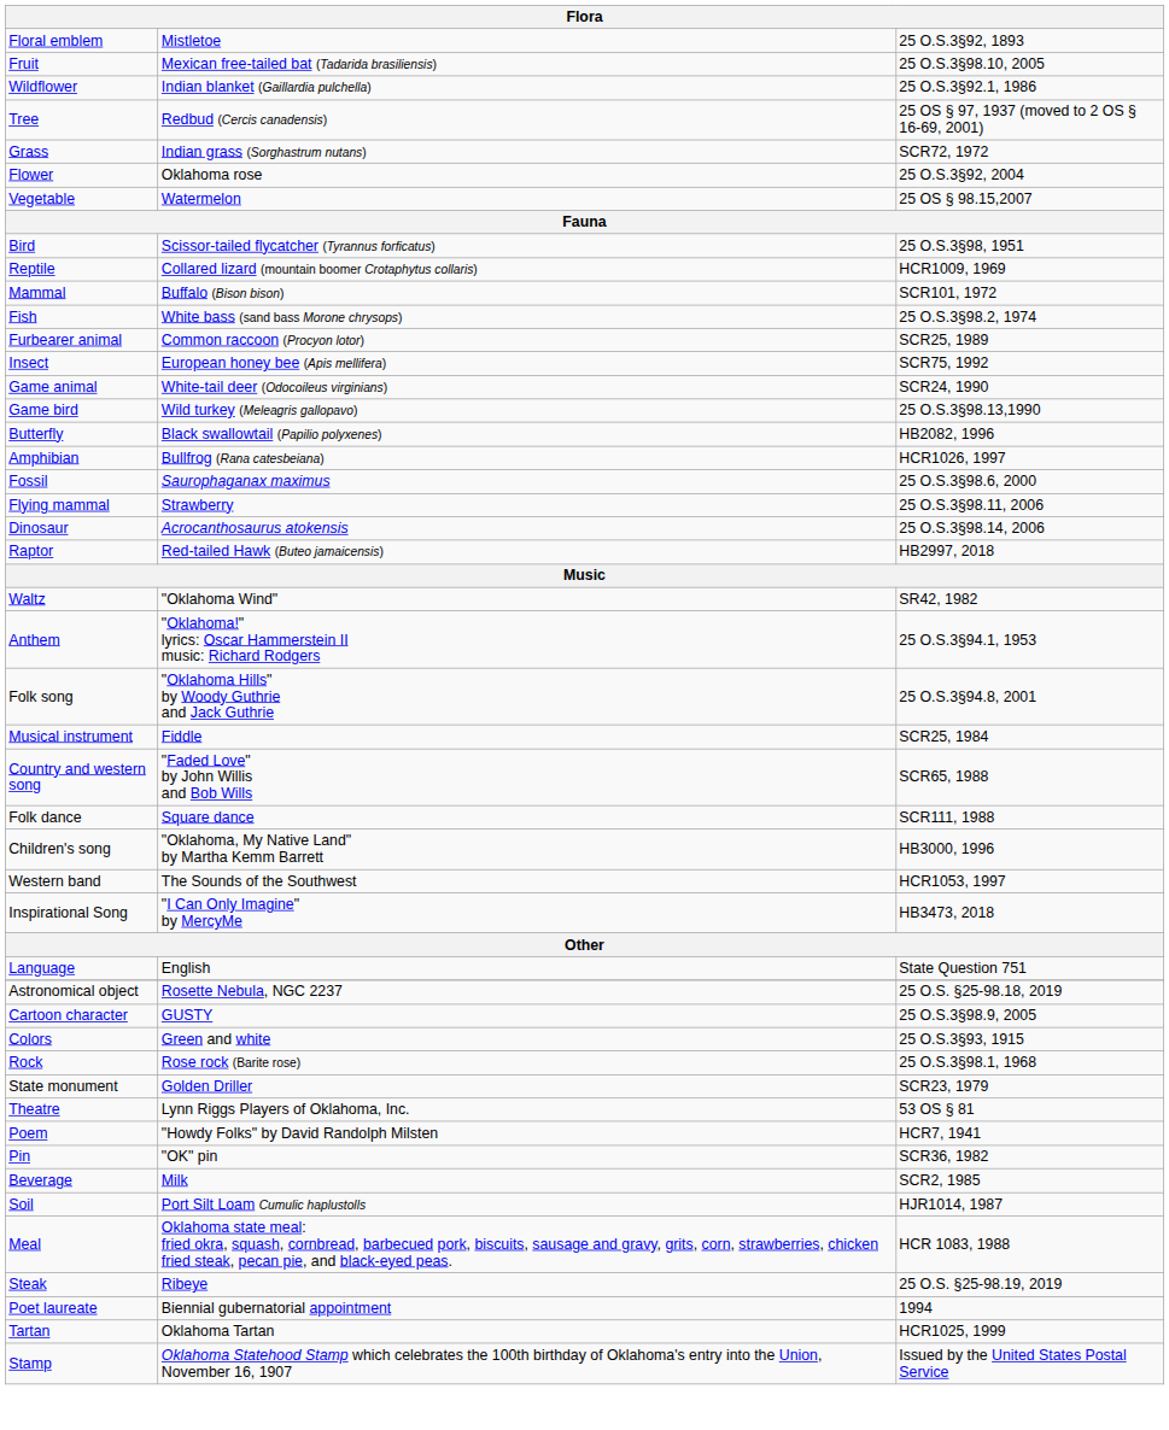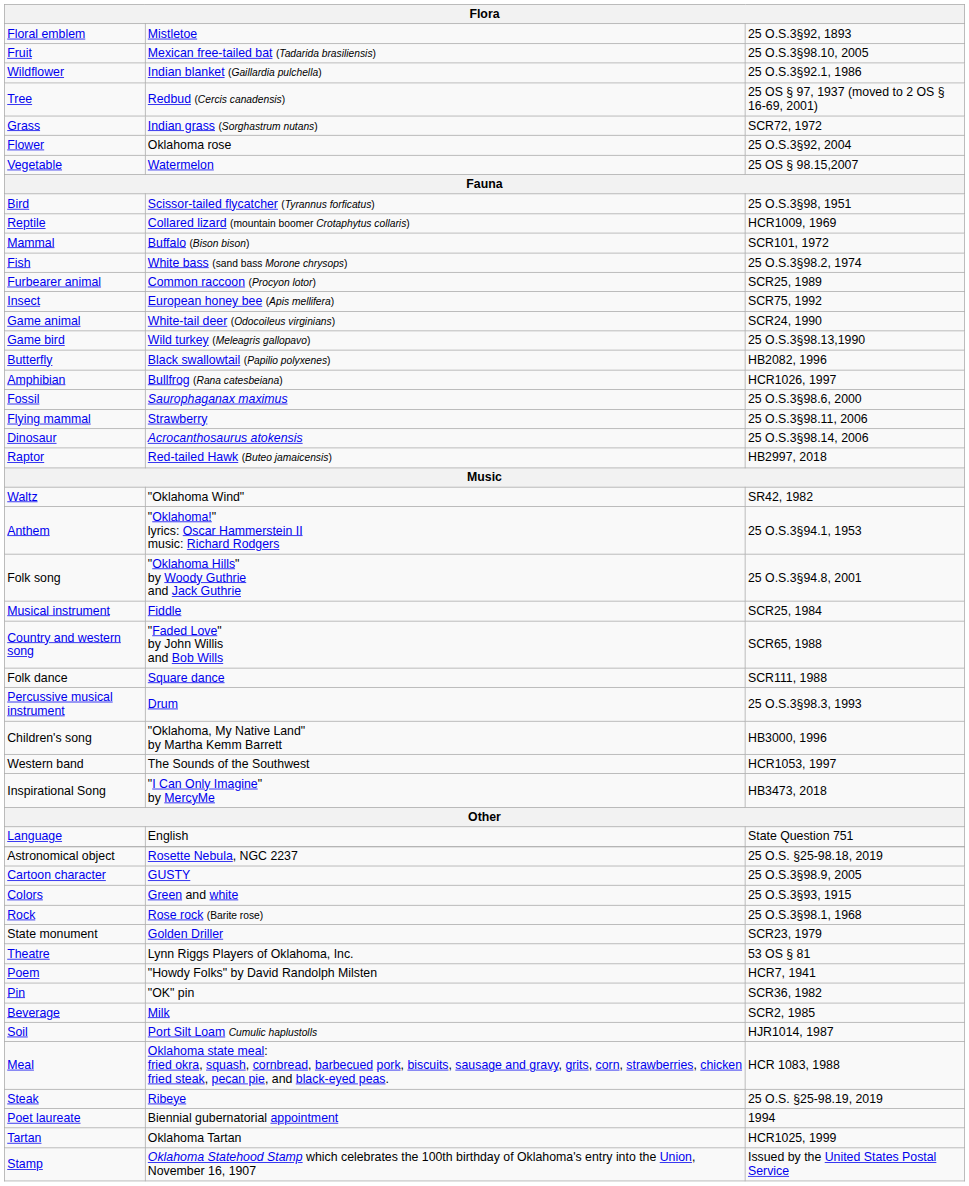 <table class="wikitable" style="text-valign: top;">
 <tr>
 <th colspan=3>Flora</th>
 </tr>
 <tr>
 <td><a href='#'>Floral emblem</a></td>
 <td><a href='#'>Mistletoe</a></td>
 <td>25 O.S.3§92, 1893</td>
 </tr>
 <tr>
 <td><a href='#'>Fruit</a></td>
 <td><a href='#'>Mexican free-tailed bat</a> <small>(<em>Tadarida brasiliensis</em>)</small></td>
 <td>25 O.S.3§98.10, 2005</td>
 </tr>
 <tr>
 <td><a href='#'>Wildflower</a></td>
 <td><a href='#'>Indian blanket</a> <small>(<em>Gaillardia pulchella</em>)</small></td>
 <td>25 O.S.3§92.1, 1986</td>
 </tr>
 <tr>
 <td><a href='#'>Tree</a></td>
 <td><a href='#'>Redbud</a> <small>(<em>Cercis canadensis</em>)</small></td>
 <td>25 OS § 97, 1937 (moved to 2 OS § 16-69, 2001)</td>
 </tr>
 <tr>
 <td><a href='#'>Grass</a></td>
 <td><a href='#'>Indian grass</a> <small>(<em>Sorghastrum nutans</em>)</small></td>
 <td>SCR72, 1972</td>
 </tr>
 <tr>
 <td><a href='#'>Flower</a></td>
 <td>Oklahoma rose</td>
 <td>25 O.S.3§92, 2004</td>
 </tr>
 <tr>
 <td><a href='#'>Vegetable</a></td>
 <td><a href='#'>Watermelon</a></td>
 <td>25 OS § 98.15,2007</td>
 </tr>
 <tr>
 <th colspan=3>Fauna</th>
 </tr>
 <tr>
 <td><a href='#'>Bird</a></td>
 <td><a href='#'>Scissor-tailed flycatcher</a> <small>(<em>Tyrannus forficatus</em>)</small></td>
 <td>25 O.S.3§98, 1951</td>
 </tr>
 <tr>
 <td><a href='#'>Reptile</a></td>
 <td><a href='#'>Collared lizard</a> <small>(mountain boomer <em>Crotaphytus collaris</em>)</small></td>
 <td>HCR1009, 1969</td>
 </tr>
 <tr>
 <td><a href='#'>Mammal</a></td>
 <td><a href='#'>Buffalo</a> <small>(<em>Bison bison</em>)</small></td>
 <td>SCR101, 1972</td>
 </tr>
 <tr>
 <td><a href='#'>Fish</a></td>
 <td><a href='#'>White bass</a> <small>(sand bass <em>Morone chrysops</em>)</small></td>
 <td>25 O.S.3§98.2, 1974</td>
 </tr>
 <tr>
 <td><a href='#'>Furbearer animal</a></td>
 <td><a href='#'>Common raccoon</a> <small>(<em>Procyon lotor</em>)</small></td>
 <td>SCR25, 1989</td>
 </tr>
 <tr>
 <td><a href='#'>Insect</a></td>
 <td><a href='#'>European honey bee</a> <small>(<em>Apis mellifera</em>)</small></td>
 <td>SCR75, 1992</td>
 </tr>
 <tr>
 <td><a href='#'>Game animal</a></td>
 <td><a href='#'>White-tail deer</a> <small>(<em>Odocoileus virginians</em>)</small></td>
 <td>SCR24, 1990</td>
 </tr>
 <tr>
 <td><a href='#'>Game bird</a></td>
 <td><a href='#'>Wild turkey</a> <small>(<em>Meleagris gallopavo</em>)</small></td>
 <td>25 O.S.3§98.13,1990</td>
 </tr>
 <tr>
 <td><a href='#'>Butterfly</a></td>
 <td><a href='#'>Black swallowtail</a> <small>(<em>Papilio polyxenes</em>)</small></td>
 <td>HB2082, 1996</td>
 </tr>
 <tr>
 <td><a href='#'>Amphibian</a></td>
 <td><a href='#'>Bullfrog</a> <small>(<em>Rana catesbeiana</em>)</small></td>
 <td>HCR1026, 1997</td>
 </tr>
 <tr>
 <td><a href='#'>Fossil</a></td>
 <td><em><a href='#'>Saurophaganax maximus</a></em></td>
 <td>25 O.S.3§98.6, 2000</td>
 </tr>
 <tr>
 <td><a href='#'>Flying mammal</a></td>
 <td><a href='#'>Strawberry</a></td>
 <td>25 O.S.3§98.11, 2006</td>
 </tr>
 <tr>
 <td><a href='#'>Dinosaur</a></td>
 <td><a href='#'><em>Acrocanthosaurus atokensis</em></a></td>
 <td>25 O.S.3§98.14, 2006</td>
 </tr>
 <tr>
 <td><a href='#'>Raptor</a></td>
 <td><a href='#'>Red-tailed Hawk</a> <small>(<em>Buteo jamaicensis</em>)</small></td>
 <td>HB2997, 2018</td>
 </tr>
 <tr>
 <th colspan=3>Music</th>
 </tr>
 <tr>
 <td><a href='#'>Waltz</a></td>
 <td>"Oklahoma Wind"</td>
 <td>SR42, 1982</td>
 </tr>
 <tr>
 <td><a href='#'>Anthem</a></td>
 <td>"<a href='#'>Oklahoma!</a>"<br>lyrics: <a href='#'>Oscar Hammerstein II</a><br>music: <a href='#'>Richard Rodgers</a></td>
 <td>25 O.S.3§94.1, 1953</td>
 </tr>
 <tr>
 <td>Folk song</td>
 <td>"<a href='#'>Oklahoma Hills</a>"<br>by <a href='#'>Woody Guthrie</a><br>and <a href='#'>Jack Guthrie</a></td>
 <td>25 O.S.3§94.8, 2001</td>
 </tr>
 <tr>
 <td><a href='#'>Musical instrument</a></td>
 <td><a href='#'>Fiddle</a></td>
 <td>SCR25, 1984</td>
 </tr>
 <tr>
 <td><a href='#'>Country and western song</a></td>
 <td>"<a href='#'>Faded Love</a>"<br>by John Willis<br>and <a href='#'>Bob Wills</a></td>
 <td>SCR65, 1988</td>
 </tr>
 <tr>
 <td>Folk dance</td>
 <td><a href='#'>Square dance</a></td>
 <td>SCR111, 1988</td>
 </tr>
 <tr>
+<td><a href='#'>Percussive musical instrument</a></td>
+<td><a href='#'>Drum</a></td>
+<td>25 O.S.3§98.3, 1993</td>
+</tr>
+<tr>
 <td>Children's song</td>
 <td>"Oklahoma, My Native Land"<br>by Martha Kemm Barrett</td>
 <td>HB3000, 1996</td>
 </tr>
 <tr>
 <td>Western band</td>
 <td>The Sounds of the Southwest</td>
 <td>HCR1053, 1997</td>
 </tr>
 <tr>
 <td>Inspirational Song</td>
 <td>"<a href='#'>I Can Only Imagine</a>"<br>by <a href='#'>MercyMe</a></td>
 <td>HB3473, 2018</td>
 </tr>
 <tr>
 <th colspan=3>Other</th>
 </tr>
 <tr>
 <td><a href='#'>Language</a></td>
 <td>English</td>
 <td>State Question 751</td>
 </tr>
 <tr>
 </tr>
 <tr>
 <td>Astronomical object</td>
 <td><a href='#'>Rosette Nebula</a>, NGC 2237</td>
 <td>25 O.S. §25-98.18, 2019</td>
 </tr>
 <tr>
 <td><a href='#'>Cartoon character</a></td>
 <td><a href='#'>GUSTY</a></td>
 <td>25 O.S.3§98.9, 2005</td>
 </tr>
 <tr>
 <td><a href='#'>Colors</a></td>
 <td><a href='#'>Green</a> and <a href='#'>white</a></td>
 <td>25 O.S.3§93, 1915</td>
 </tr>
 <tr>
 <td><a href='#'>Rock</a></td>
 <td><a href='#'>Rose rock</a> <small> (Barite rose)</small></td>
 <td>25 O.S.3§98.1, 1968</td>
 </tr>
 <tr>
 <td>State monument</td>
 <td><a href='#'>Golden Driller</a></td>
 <td>SCR23, 1979</td>
 </tr>
 <tr>
 <td><a href='#'>Theatre</a></td>
 <td>Lynn Riggs Players of Oklahoma, Inc.</td>
 <td>53 OS § 81</td>
 </tr>
 <tr>
 <td><a href='#'>Poem</a></td>
 <td>"Howdy Folks" by David Randolph Milsten</td>
 <td>HCR7, 1941</td>
 </tr>
 <tr>
 <td><a href='#'>Pin</a></td>
 <td>"OK" pin</td>
 <td>SCR36, 1982</td>
 </tr>
 <tr>
 <td><a href='#'>Beverage</a></td>
 <td><a href='#'>Milk</a></td>
 <td>SCR2, 1985</td>
 </tr>
 <tr>
 <td><a href='#'>Soil</a></td>
 <td><a href='#'>Port Silt Loam</a> <small> <em>Cumulic haplustolls</em></small></td>
 <td>HJR1014, 1987</td>
 </tr>
 <tr>
 <td><a href='#'>Meal</a></td>
 <td><a href='#'>Oklahoma state meal</a>:<br><a href='#'>fried okra</a>, <a href='#'>squash</a>, <a href='#'>cornbread</a>, <a href='#'>barbecued</a> <a href='#'>pork</a>, <a href='#'>biscuits</a>, <a href='#'>sausage and gravy</a>, <a href='#'>grits</a>, <a href='#'>corn</a>, <a href='#'>strawberries</a>, <a href='#'>chicken fried steak</a>, <a href='#'>pecan pie</a>, and <a href='#'>black-eyed peas</a>.</td>
 <td>HCR 1083, 1988</td>
 </tr>
 <tr>
 <td><a href='#'>Steak</a></td>
 <td><a href='#'>Ribeye</a></td>
 <td>25 O.S. §25-98.19, 2019</td>
 </tr>
 <tr>
 <td><a href='#'>Poet laureate</a></td>
 <td>Biennial gubernatorial <a href='#'>appointment</a></td>
 <td>1994</td>
 </tr>
 <tr>
 <td><a href='#'>Tartan</a></td>
 <td>Oklahoma Tartan</td>
 <td>HCR1025, 1999</td>
 </tr>
 <tr>
 <td><a href='#'>Stamp</a></td>
 <td><em><a href='#'>Oklahoma Statehood Stamp</a></em> which celebrates the 100th birthday of Oklahoma's entry into the <a href='#'>Union</a>, November 16, 1907</td>
 <td>Issued by the <a href='#'>United States Postal Service</a> </td>
 </tr>
 </table>
